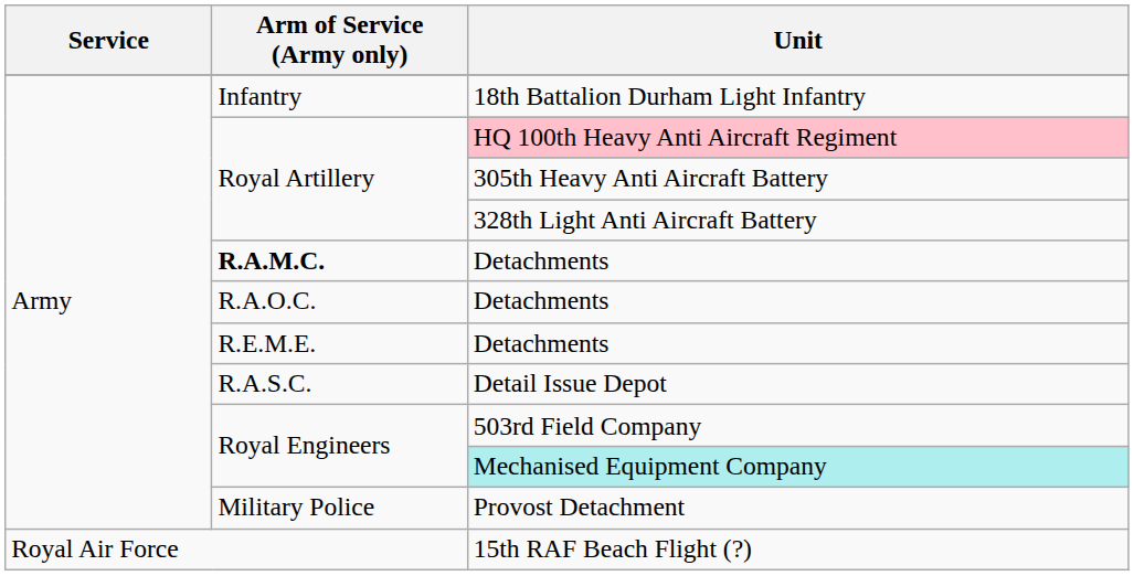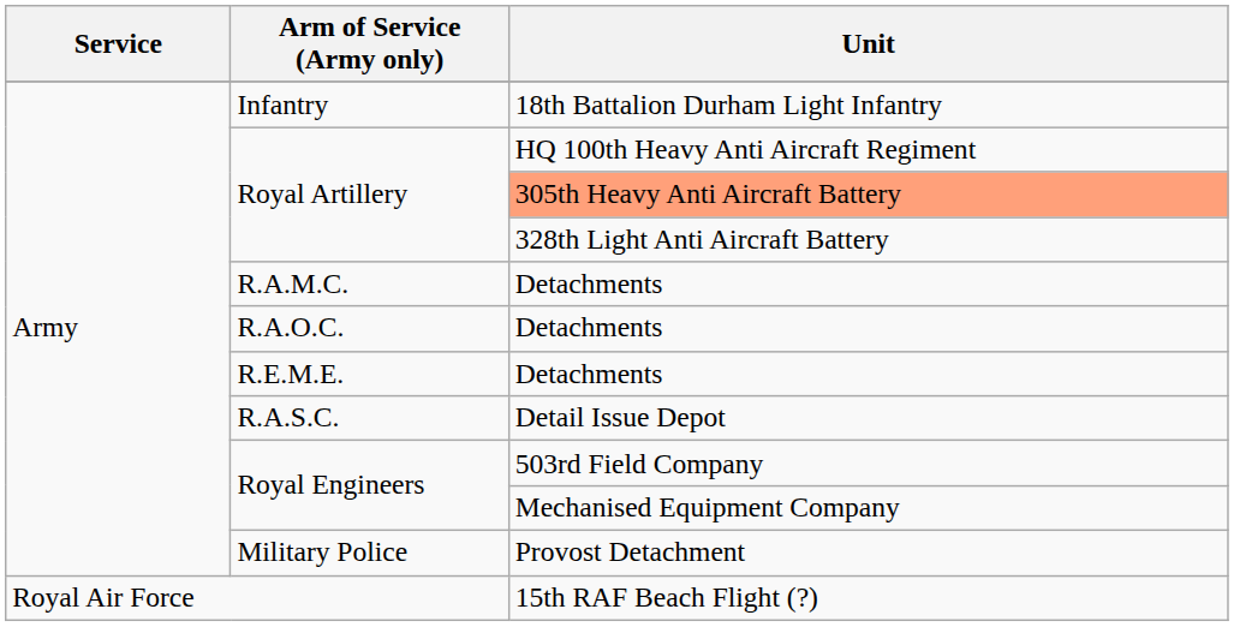 <table class="wikitable">
 <tr>
 <th scope="col" width="120">Service</th>
 <th scope="col" width="150">Arm of Service<br>(Army only)</th>
 <th scope="col" width="400">Unit</th>
 </tr>
 <tr>
 </tr>
 <tr>
 <td rowspan="11">Army</td>
 <td>Infantry</td>
 <td>18th Battalion Durham Light Infantry</td>
 </tr>
 <tr>
 <td rowspan="3">Royal Artillery</td>
-<td style="background: pink;">HQ 100th Heavy Anti Aircraft Regiment</td>
+<td>HQ 100th Heavy Anti Aircraft Regiment</td>
 </tr>
 <tr>
-<td>305th Heavy Anti Aircraft Battery</td>
+<td style="background: lightsalmon;">305th Heavy Anti Aircraft Battery</td>
 </tr>
 <tr>
 <td>328th Light Anti Aircraft Battery</td>
 </tr>
 <tr>
-<td><strong>R.A.M.C.</strong></td>
+<td>R.A.M.C.</td>
 <td>Detachments</td>
 </tr>
 <tr>
 <td>R.A.O.C.</td>
 <td>Detachments</td>
 </tr>
 <tr>
 <td>R.E.M.E.</td>
 <td>Detachments</td>
 </tr>
 <tr>
 <td>R.A.S.C.</td>
 <td>Detail Issue Depot</td>
 </tr>
 <tr>
 <td rowspan="2">Royal Engineers</td>
 <td>503rd Field Company</td>
 </tr>
 <tr>
-<td style="background: paleturquoise;">Mechanised Equipment Company</td>
+<td>Mechanised Equipment Company</td>
 </tr>
 <tr>
 <td>Military Police</td>
 <td>Provost Detachment</td>
 </tr>
 <tr>
 <td colspan="2">Royal Air Force</td>
 <td>15th RAF Beach Flight (?)</td>
 </tr>
 </table>
